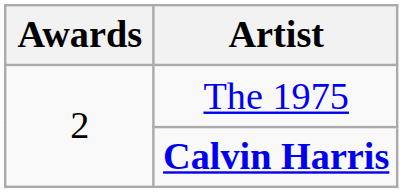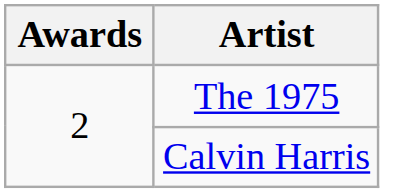 <table class="wikitable plainrowheaders" style="text-align:center;">
 <tr>
 <th scope="col" style="width:55px;">Awards</th>
 <th scope="col" style="text-align:center;">Artist</th>
 </tr>
 <tr>
 <td scope=row rowspan="2" style="text-align:center">2</td>
 <td><a href='#'>The 1975</a></td>
 </tr>
 <tr>
-<td><strong><a href='#'>Calvin Harris</a></strong></td>
+<td><a href='#'>Calvin Harris</a></td>
 </tr>
 </table>
